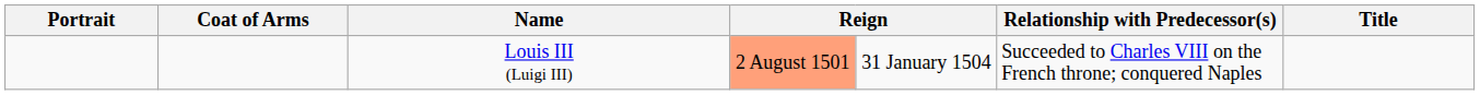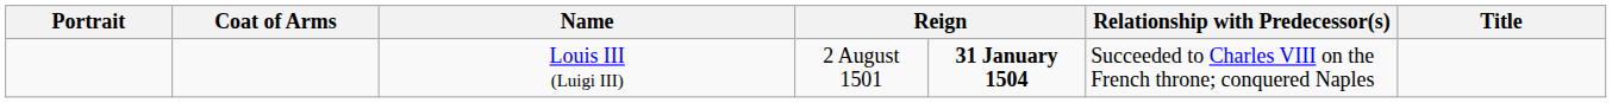 <table width=95% class="wikitable">
 <tr>
 <th width=8%>Portrait</th>
 <th width=10%>Coat of Arms</th>
 <th width=20%>Name</th>
 <th colspan=2 width=14%>Reign</th>
 <th width=15%>Relationship with Predecessor(s)</th>
 <th width=10%>Title</th>
 </tr>
 <tr>
 <td align="center"></td>
 <td align="center"></td>
 <td align="center"><a href='#'>Louis III</a> <br><small>(Luigi III)</small></td>
-<td align="center" style="background: lightsalmon;">2 August 1501</td>
-<td align="center">31 January 1504</td>
+<td align="center">2 August 1501</td>
+<td align="center"><strong>31 January 1504</strong></td>
 <td>Succeeded to <a href='#'>Charles VIII</a> on the French throne; conquered Naples</td>
 <td align="center"></td>
 </tr>
 </table>
